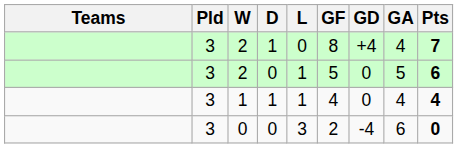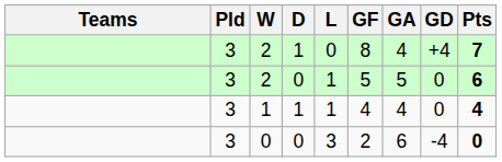 <table class="wikitable" style="text-align: center;">
 <tr>
 <th width=165>Teams</th>
 <th width=20>Pld</th>
 <th width=20>W</th>
 <th width=20>D</th>
 <th width=20>L</th>
 <th width=20>GF</th>
+<th width=20>GA</th>
 <th width=20>GD</th>
-<th width=20>GA</th>
 <th width=20>Pts</th>
 </tr>
 <tr align=center style="background:#ccffcc;">
 <td style="text-align:left;"></td>
 <td>3</td>
 <td>2</td>
 <td>1</td>
 <td>0</td>
 <td>8</td>
+<td>4</td>
 <td>+4</td>
-<td>4</td>
 <td><strong>7</strong></td>
 </tr>
 <tr align=center style="background:#ccffcc;">
 <td style="text-align:left;"></td>
 <td>3</td>
 <td>2</td>
 <td>0</td>
 <td>1</td>
 <td>5</td>
+<td>5</td>
 <td>0</td>
-<td>5</td>
 <td><strong>6</strong></td>
 </tr>
 <tr align=center>
 <td style="text-align:left;"></td>
 <td>3</td>
 <td>1</td>
 <td>1</td>
 <td>1</td>
 <td>4</td>
+<td>4</td>
 <td>0</td>
-<td>4</td>
 <td><strong>4</strong></td>
 </tr>
 <tr align=center>
 <td style="text-align:left;"></td>
 <td>3</td>
 <td>0</td>
 <td>0</td>
 <td>3</td>
 <td>2</td>
+<td>6</td>
 <td>-4</td>
-<td>6</td>
 <td><strong>0</strong></td>
 </tr>
 </table>
